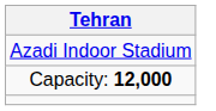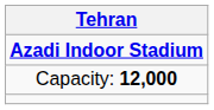 <table class="wikitable" style="text-align:center;">
 <tr>
 <th><a href='#'>Tehran</a></th>
 </tr>
 <tr>
-<td><a href='#'>Azadi Indoor Stadium</a></td>
+<td><strong><a href='#'>Azadi Indoor Stadium</a></strong></td>
 </tr>
 <tr>
 <td>Capacity: <strong>12,000</strong></td>
 </tr>
 <tr>
 <td></td>
 </tr>
 </table>
